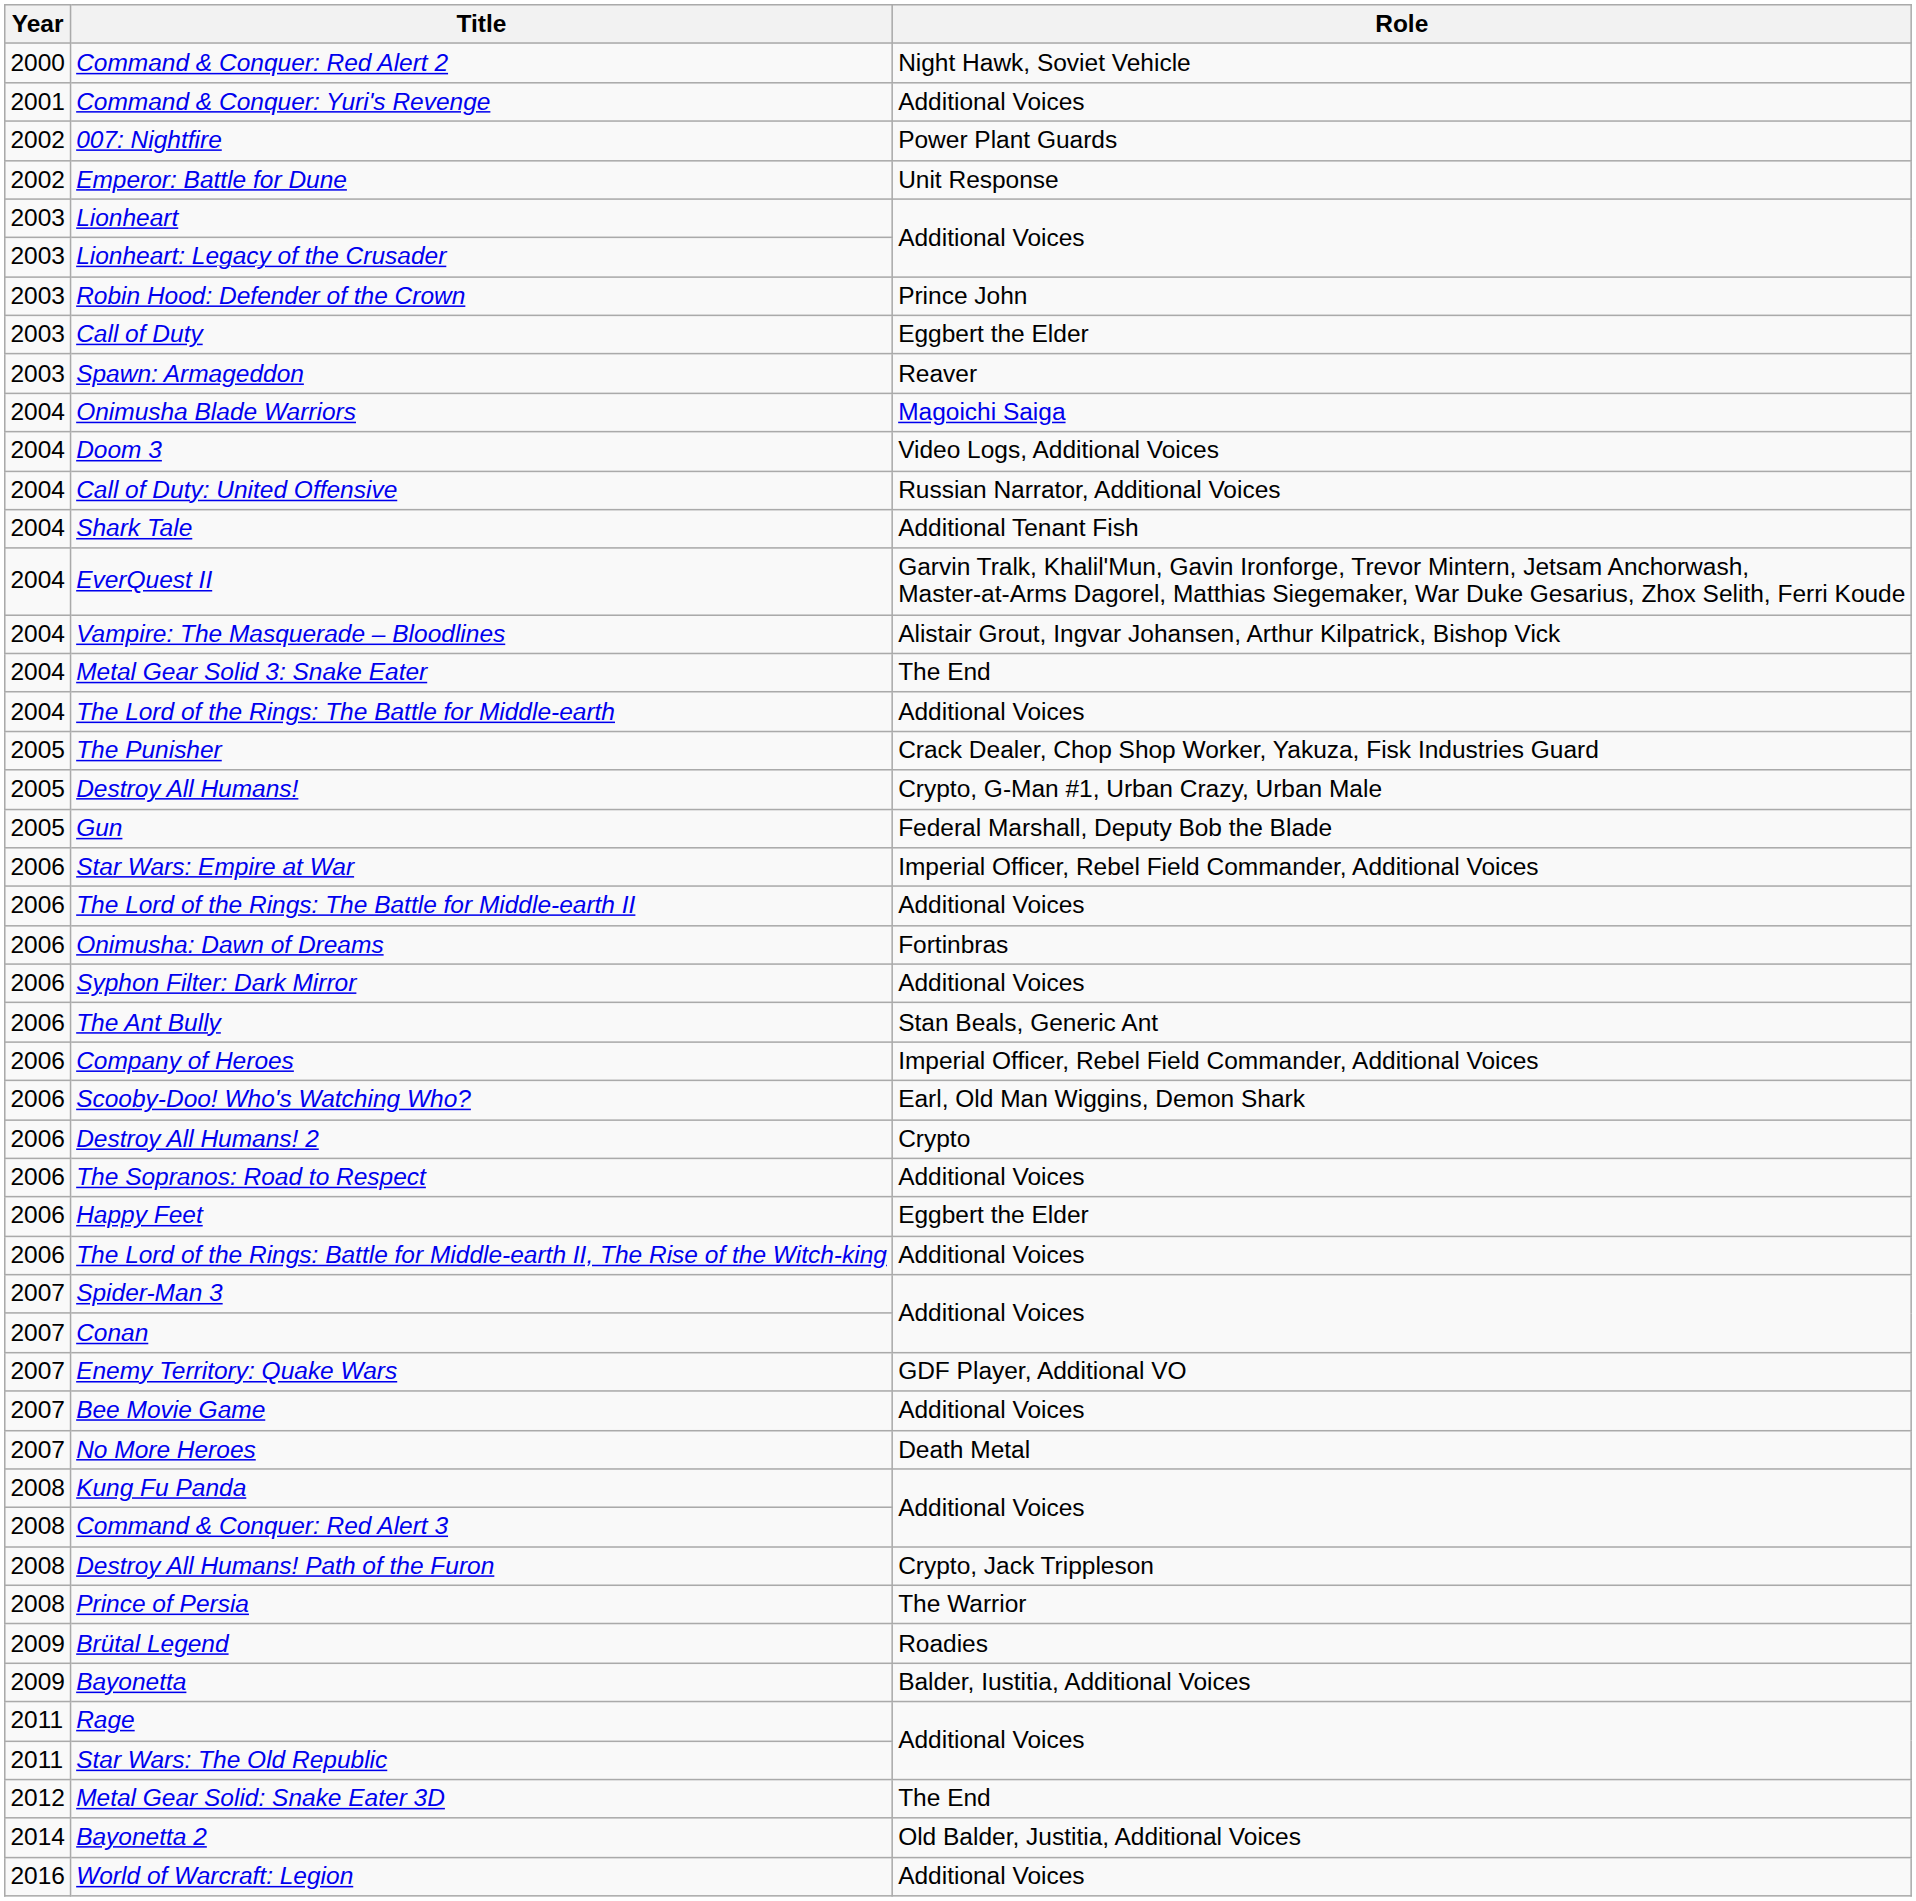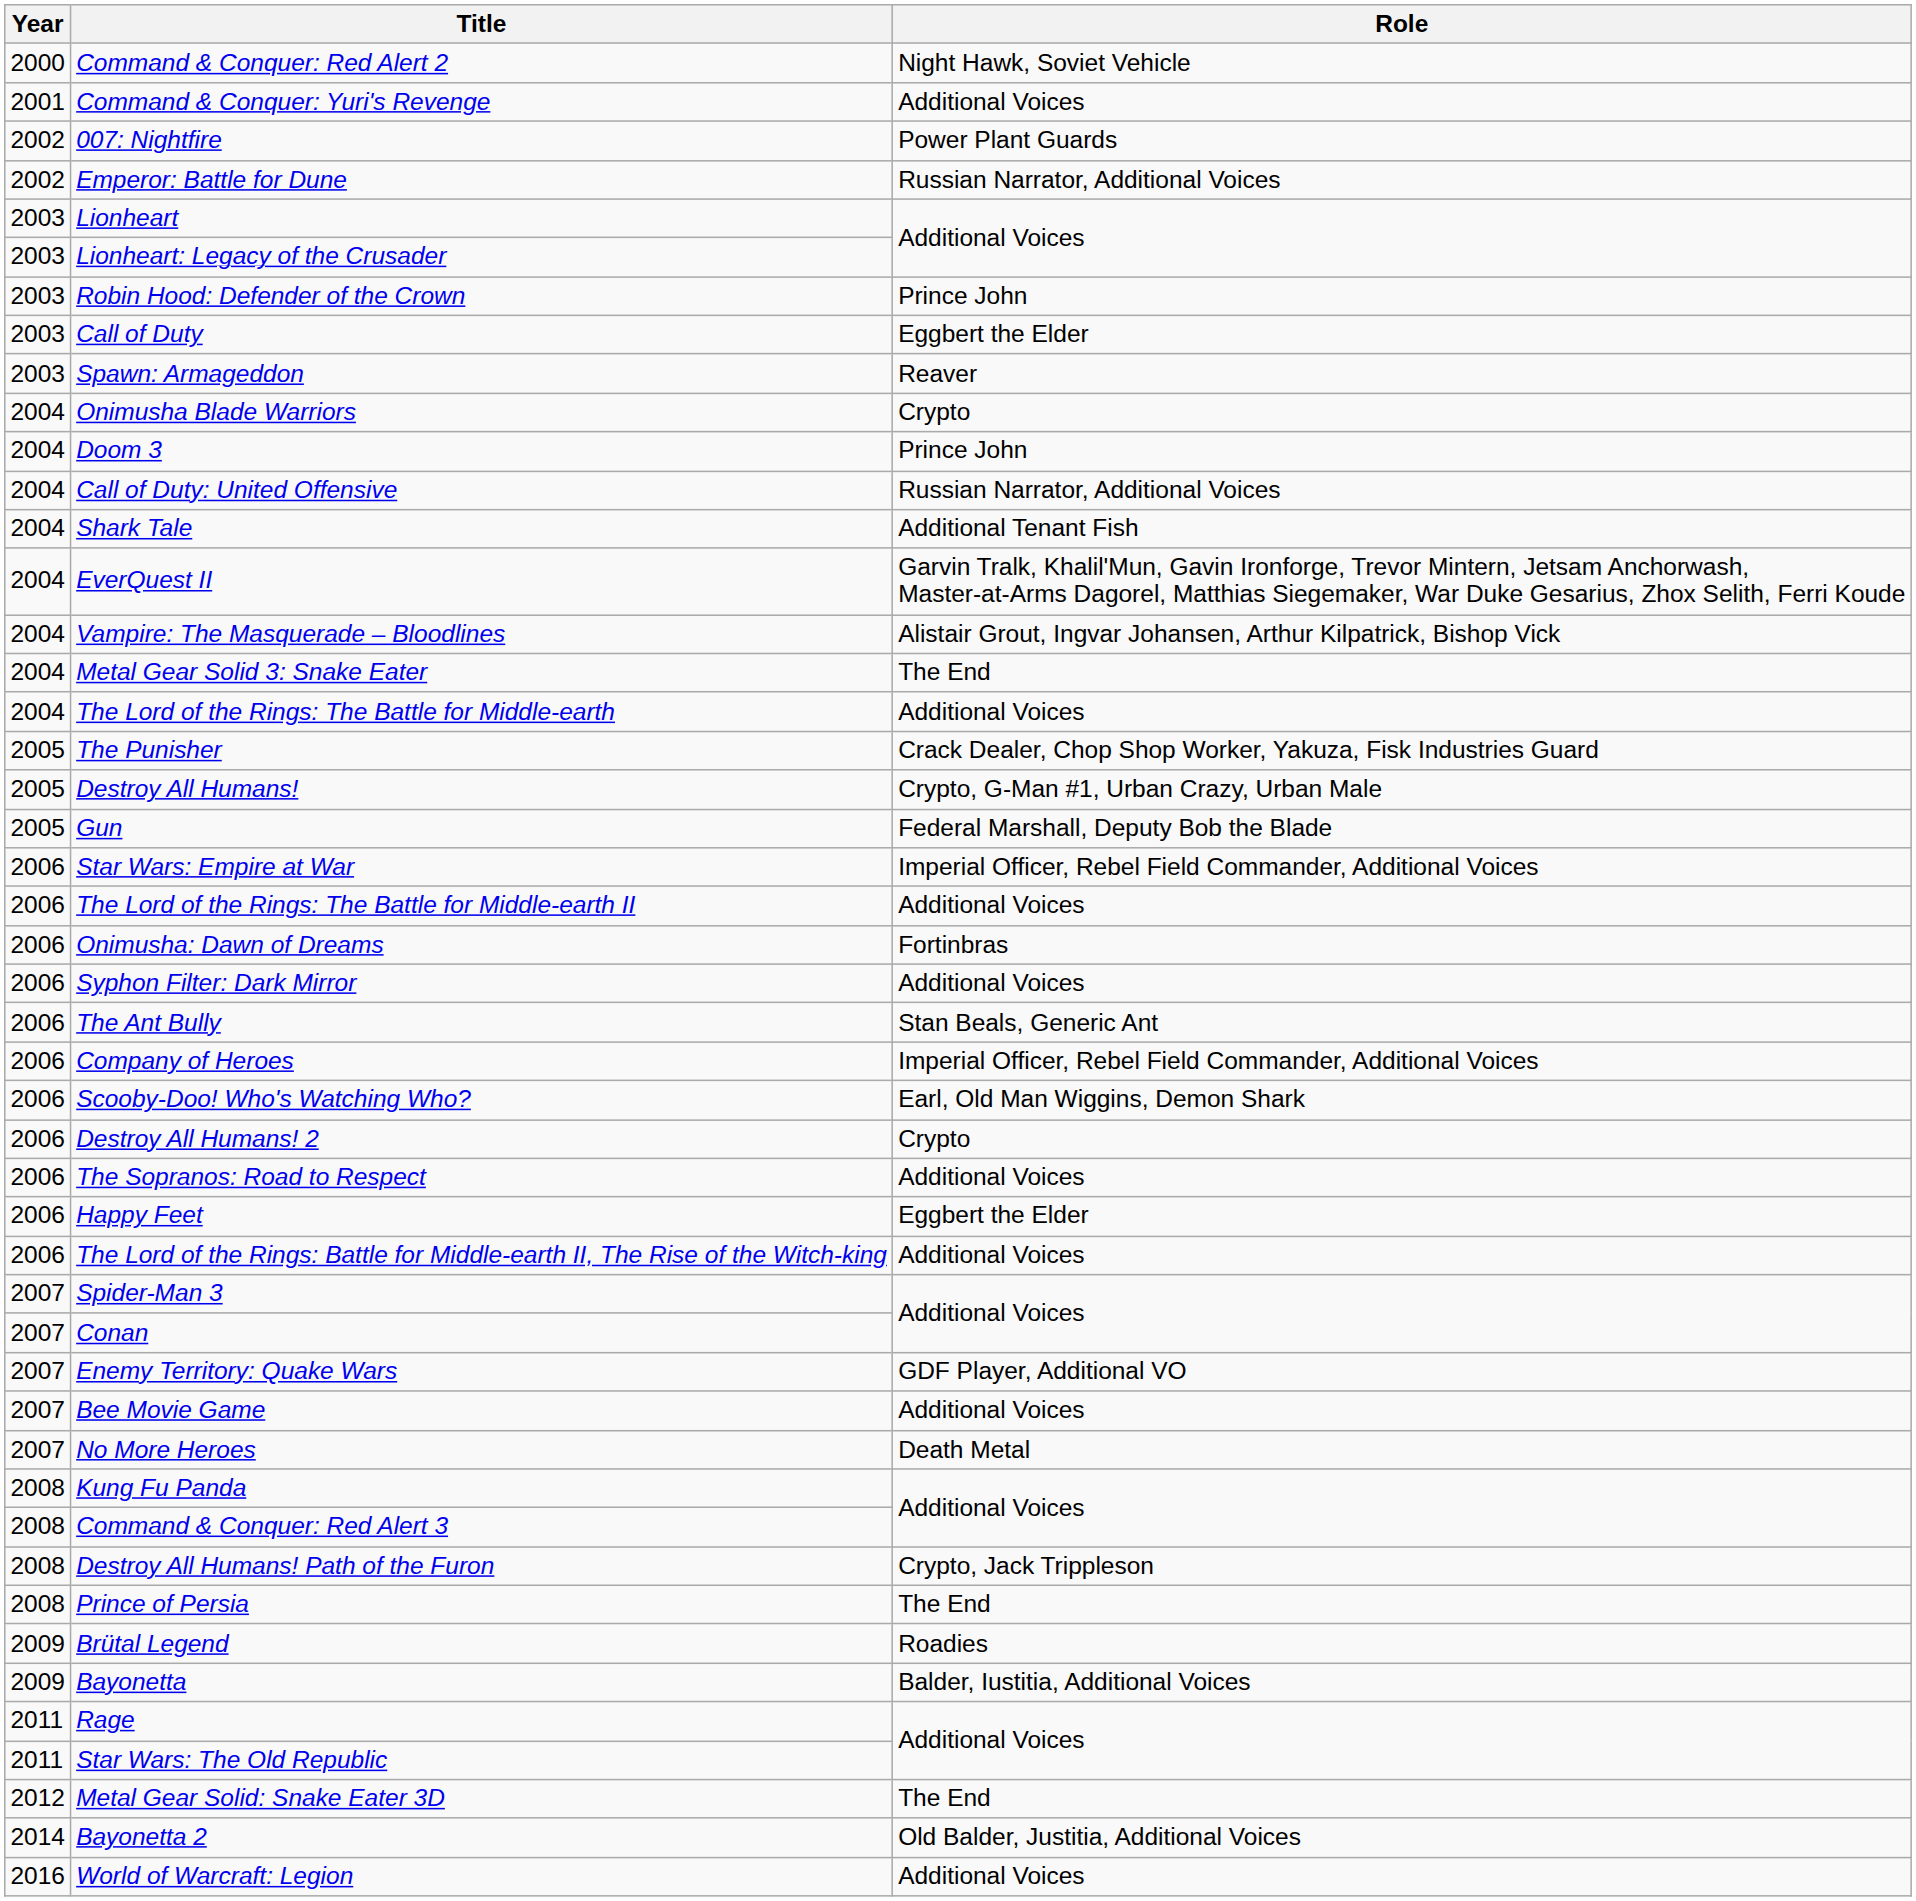 <table class="wikitable sortable">
 <tr>
 <th>Year</th>
 <th>Title</th>
 <th>Role</th>
 </tr>
 <tr>
 <td>2000</td>
 <td><em><a href='#'>Command & Conquer: Red Alert 2</a></em></td>
 <td>Night Hawk, Soviet Vehicle</td>
 </tr>
 <tr>
 <td>2001</td>
 <td><em><a href='#'>Command & Conquer: Yuri's Revenge</a></em></td>
 <td>Additional Voices</td>
 </tr>
 <tr>
 <td>2002</td>
 <td><em><a href='#'>007: Nightfire</a></em></td>
 <td>Power Plant Guards</td>
 </tr>
 <tr>
 <td>2002</td>
 <td><em><a href='#'>Emperor: Battle for Dune</a></em></td>
-<td>Unit Response</td>
+<td>Russian Narrator, Additional Voices</td>
 </tr>
 <tr>
 <td>2003</td>
 <td><em><a href='#'>Lionheart</a></em></td>
 <td rowspan="2">Additional Voices</td>
 </tr>
 <tr>
 <td>2003</td>
 <td><em><a href='#'>Lionheart: Legacy of the Crusader</a></em></td>
 </tr>
 <tr>
 <td>2003</td>
 <td><em><a href='#'>Robin Hood: Defender of the Crown</a></em></td>
 <td>Prince John</td>
 </tr>
 <tr>
 <td>2003</td>
 <td><em><a href='#'>Call of Duty</a></em></td>
 <td>Eggbert the Elder</td>
 </tr>
 <tr>
 <td>2003</td>
 <td><em><a href='#'>Spawn: Armageddon</a></em></td>
 <td>Reaver</td>
 </tr>
 <tr>
 <td>2004</td>
 <td><em><a href='#'>Onimusha Blade Warriors</a></em></td>
-<td><a href='#'>Magoichi Saiga</a></td>
+<td>Crypto</td>
 </tr>
 <tr>
 <td>2004</td>
 <td><em><a href='#'>Doom 3</a></em></td>
-<td>Video Logs, Additional Voices</td>
+<td>Prince John</td>
 </tr>
 <tr>
 <td>2004</td>
 <td><em><a href='#'>Call of Duty: United Offensive</a></em></td>
 <td>Russian Narrator, Additional Voices</td>
 </tr>
 <tr>
 <td>2004</td>
 <td><em><a href='#'>Shark Tale</a></em></td>
 <td>Additional Tenant Fish</td>
 </tr>
 <tr>
 <td>2004</td>
 <td><em><a href='#'>EverQuest II</a></em></td>
 <td>Garvin Tralk, Khalil'Mun, Gavin Ironforge, Trevor Mintern, Jetsam Anchorwash,<br>Master-at-Arms Dagorel, Matthias Siegemaker, War Duke Gesarius, Zhox Selith, Ferri Koude</td>
 </tr>
 <tr>
 <td>2004</td>
 <td><em><a href='#'>Vampire: The Masquerade – Bloodlines</a></em></td>
 <td>Alistair Grout, Ingvar Johansen, Arthur Kilpatrick, Bishop Vick</td>
 </tr>
 <tr>
 <td>2004</td>
 <td><em><a href='#'>Metal Gear Solid 3: Snake Eater</a></em></td>
 <td>The End</td>
 </tr>
 <tr>
 <td>2004</td>
 <td><em><a href='#'>The Lord of the Rings: The Battle for Middle-earth</a></em></td>
 <td>Additional Voices</td>
 </tr>
 <tr>
 <td>2005</td>
 <td><em><a href='#'>The Punisher</a></em></td>
 <td>Crack Dealer, Chop Shop Worker, Yakuza, Fisk Industries Guard</td>
 </tr>
 <tr>
 <td>2005</td>
 <td><em><a href='#'>Destroy All Humans!</a></em></td>
 <td>Crypto, G-Man #1, Urban Crazy, Urban Male</td>
 </tr>
 <tr>
 <td>2005</td>
 <td><em><a href='#'>Gun</a></em></td>
 <td>Federal Marshall, Deputy Bob the Blade</td>
 </tr>
 <tr>
 <td>2006</td>
 <td><em><a href='#'>Star Wars: Empire at War</a></em></td>
 <td>Imperial Officer, Rebel Field Commander, Additional Voices</td>
 </tr>
 <tr>
 <td>2006</td>
 <td><em><a href='#'>The Lord of the Rings: The Battle for Middle-earth II</a></em></td>
 <td>Additional Voices</td>
 </tr>
 <tr>
 <td>2006</td>
 <td><em><a href='#'>Onimusha: Dawn of Dreams</a></em></td>
 <td>Fortinbras</td>
 </tr>
 <tr>
 <td>2006</td>
 <td><em><a href='#'>Syphon Filter: Dark Mirror</a></em></td>
 <td>Additional Voices</td>
 </tr>
 <tr>
 <td>2006</td>
 <td><em><a href='#'>The Ant Bully</a></em></td>
 <td>Stan Beals, Generic Ant</td>
 </tr>
 <tr>
 <td>2006</td>
 <td><em><a href='#'>Company of Heroes</a></em></td>
 <td>Imperial Officer, Rebel Field Commander, Additional Voices</td>
 </tr>
 <tr>
 <td>2006</td>
 <td><em><a href='#'>Scooby-Doo! Who's Watching Who?</a></em></td>
 <td>Earl, Old Man Wiggins, Demon Shark</td>
 </tr>
 <tr>
 <td>2006</td>
 <td><em><a href='#'>Destroy All Humans! 2</a></em></td>
 <td>Crypto</td>
 </tr>
 <tr>
 <td>2006</td>
 <td><em><a href='#'>The Sopranos: Road to Respect</a></em></td>
 <td>Additional Voices</td>
 </tr>
 <tr>
 <td>2006</td>
 <td><em><a href='#'>Happy Feet</a></em></td>
 <td>Eggbert the Elder</td>
 </tr>
 <tr>
 <td>2006</td>
 <td><em><a href='#'>The Lord of the Rings: Battle for Middle-earth II, The Rise of the Witch-king</a></em></td>
 <td>Additional Voices</td>
 </tr>
 <tr>
 <td>2007</td>
 <td><em><a href='#'>Spider-Man 3</a></em></td>
 <td rowspan="2">Additional Voices</td>
 </tr>
 <tr>
 <td>2007</td>
 <td><em><a href='#'>Conan</a></em></td>
 </tr>
 <tr>
 <td>2007</td>
 <td><em><a href='#'>Enemy Territory: Quake Wars</a></em></td>
 <td>GDF Player, Additional VO</td>
 </tr>
 <tr>
 <td>2007</td>
 <td><em><a href='#'>Bee Movie Game</a></em></td>
 <td>Additional Voices</td>
 </tr>
 <tr>
 <td>2007</td>
 <td><em><a href='#'>No More Heroes</a></em></td>
 <td>Death Metal</td>
 </tr>
 <tr>
 <td>2008</td>
 <td><em><a href='#'>Kung Fu Panda</a></em></td>
 <td rowspan="2">Additional Voices</td>
 </tr>
 <tr>
 <td>2008</td>
 <td><em><a href='#'>Command & Conquer: Red Alert 3</a></em></td>
 </tr>
 <tr>
 <td>2008</td>
 <td><em><a href='#'>Destroy All Humans! Path of the Furon</a></em></td>
 <td>Crypto, Jack Trippleson</td>
 </tr>
 <tr>
 <td>2008</td>
 <td><em><a href='#'>Prince of Persia</a></em></td>
-<td>The Warrior</td>
+<td>The End</td>
 </tr>
 <tr>
 <td>2009</td>
 <td><em><a href='#'>Brütal Legend</a></em></td>
 <td>Roadies</td>
 </tr>
 <tr>
 <td>2009</td>
 <td><em><a href='#'>Bayonetta</a></em></td>
 <td>Balder, Iustitia, Additional Voices</td>
 </tr>
 <tr>
 <td>2011</td>
 <td><em><a href='#'>Rage</a></em></td>
 <td rowspan="2">Additional Voices</td>
 </tr>
 <tr>
 <td>2011</td>
 <td><em><a href='#'>Star Wars: The Old Republic</a></em></td>
 </tr>
 <tr>
 <td>2012</td>
 <td><em><a href='#'>Metal Gear Solid: Snake Eater 3D</a></em></td>
 <td>The End</td>
 </tr>
 <tr>
 <td>2014</td>
 <td><em><a href='#'>Bayonetta 2</a></em></td>
 <td>Old Balder, Justitia, Additional Voices</td>
 </tr>
 <tr>
 <td>2016</td>
 <td><em><a href='#'>World of Warcraft: Legion</a></em></td>
 <td>Additional Voices</td>
 </tr>
 </table>
